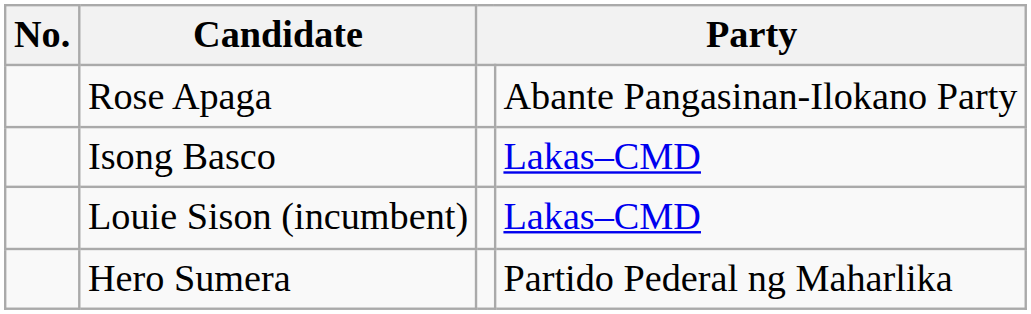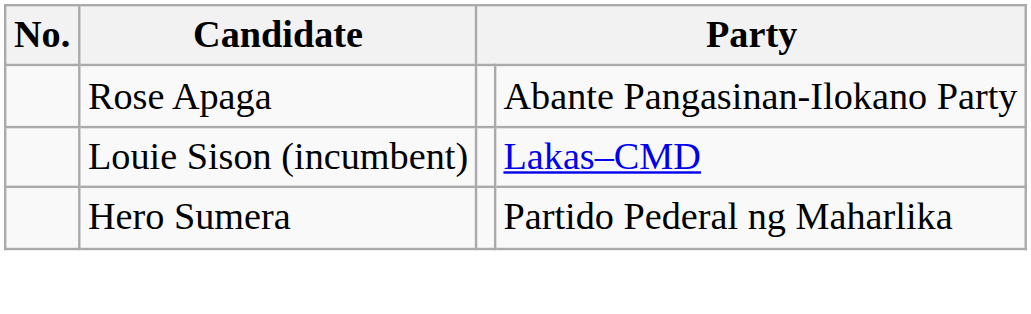 <table class="wikitable sortable" style="text-align:left;">
 <tr>
 <th>No.</th>
 <th>Candidate</th>
 <th colspan="2">Party</th>
 </tr>
 <tr>
 <td></td>
 <td>Rose Apaga</td>
 <td></td>
 <td>Abante Pangasinan-Ilokano Party</td>
 </tr>
 <tr>
 <td></td>
-<td>Isong Basco</td>
-<td></td>
-<td><a href='#'>Lakas–CMD</a></td>
-</tr>
-<tr>
-<td></td>
 <td>Louie Sison (incumbent)</td>
 <td></td>
 <td><a href='#'>Lakas–CMD</a></td>
 </tr>
 <tr>
 <td></td>
 <td>Hero Sumera</td>
 <td></td>
 <td>Partido Pederal ng Maharlika</td>
 </tr>
 </table>
